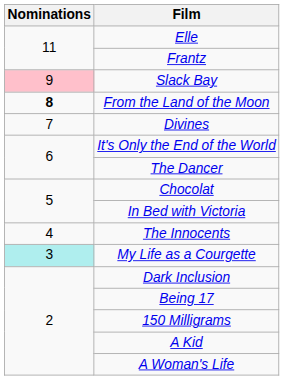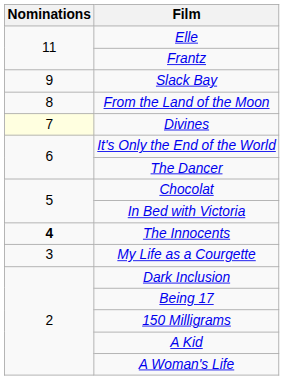 <table class="wikitable" style="text-align: center">
 <tr>
 <th scope="col" width="55">Nominations</th>
 <th scope="col" align="center">Film</th>
 </tr>
 <tr>
 <td rowspan=2 style="text-align:center">11</td>
 <td><em><a href='#'>Elle</a></em></td>
 </tr>
 <tr>
 <td><em><a href='#'>Frantz</a></em></td>
 </tr>
 <tr>
-<td rowspan=1 style="background: pink; text-align:center">9</td>
+<td rowspan=1 style="text-align:center">9</td>
 <td><em><a href='#'>Slack Bay</a></em></td>
 </tr>
 <tr>
-<td rowspan=1 style="text-align:center"><strong>8</strong></td>
+<td rowspan=1 style="text-align:center">8</td>
 <td><em><a href='#'>From the Land of the Moon</a></em></td>
 </tr>
 <tr>
-<td rowspan=1 style="text-align:center">7</td>
+<td rowspan=1 style="background: lightyellow; text-align:center">7</td>
 <td><em><a href='#'>Divines</a></em></td>
 </tr>
 <tr>
 <td rowspan=2 style="text-align:center">6</td>
 <td><em><a href='#'>It's Only the End of the World</a></em></td>
 </tr>
 <tr>
 <td><em><a href='#'>The Dancer</a></em></td>
 </tr>
 <tr>
 <td rowspan=2 style="text-align:center">5</td>
 <td><em><a href='#'>Chocolat</a></em></td>
 </tr>
 <tr>
 <td><em><a href='#'>In Bed with Victoria</a></em></td>
 </tr>
 <tr>
-<td rowspan=1 style="text-align:center">4</td>
+<td rowspan=1 style="text-align:center"><strong>4</strong></td>
 <td><em><a href='#'>The Innocents</a></em></td>
 </tr>
 <tr>
-<td rowspan=1 style="background: paleturquoise; text-align:center">3</td>
+<td rowspan=1 style="text-align:center">3</td>
 <td><em><a href='#'>My Life as a Courgette</a></em></td>
 </tr>
 <tr>
 <td rowspan=5 style="text-align:center">2</td>
 <td><em><a href='#'>Dark Inclusion</a></em></td>
 </tr>
 <tr>
 <td><em><a href='#'>Being 17</a></em></td>
 </tr>
 <tr>
 <td><em><a href='#'>150 Milligrams</a></em></td>
 </tr>
 <tr>
 <td><em><a href='#'>A Kid</a></em></td>
 </tr>
 <tr>
 <td><em><a href='#'>A Woman's Life</a></em></td>
 </tr>
 </table>
